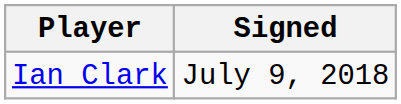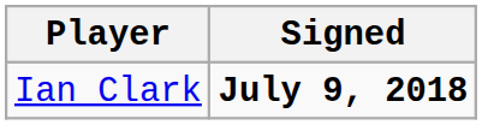 <table class="wikitable sortable sortable" style="text-align:center;">
 <tr>
 <th>Player</th>
 <th>Signed</th>
 </tr>
 <tr>
 <td><a href='#'>Ian Clark</a></td>
-<td>July 9, 2018</td>
+<td><strong>July 9, 2018</strong></td>
 </tr>
 </table>
